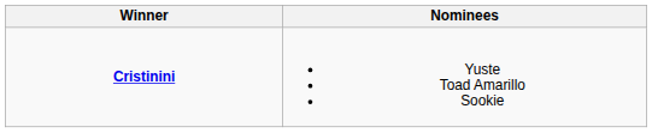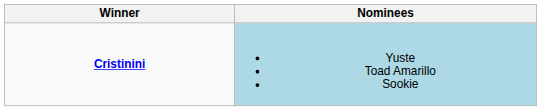 <table class="wikitable" style="text-align:center;">
 <tr>
 <th scope="col" style="width:19em;">Winner</th>
 <th scope="col" style="width:25em;">Nominees</th>
 </tr>
 <tr>
 <td><strong> <a href='#'>Cristinini</a></strong></td>
-<td><br><ul><li> Yuste</li><li> Toad Amarillo</li><li> Sookie</li></ul></td>
+<td style="background: lightblue;"><br><ul><li> Yuste</li><li> Toad Amarillo</li><li> Sookie</li></ul></td>
 </tr>
 </table>
